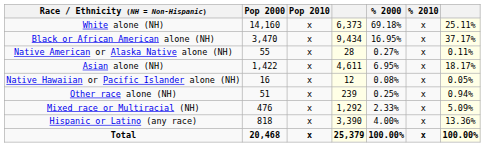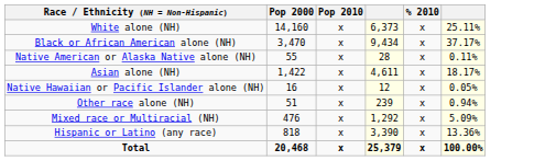 <table class="wikitable" style="text-align:center;">
 <tr>
 <th>Race / Ethnicity <small>(<em>NH = Non-Hispanic</em>)</small></th>
 <th>Pop 2000</th>
 <th>Pop 2010</th>
 <th></th>
-<th>% 2000</th>
 <th>% 2010</th>
 <th></th>
 </tr>
 <tr>
 <td><a href='#'>White</a> alone (NH)</td>
 <td>14,160</td>
 <td>x</td>
 <td style='background: #ffffe6;'>6,373</td>
-<td>69.18%</td>
 <td>x</td>
 <td style='background: #ffffe6;'>25.11%</td>
 </tr>
 <tr>
 <td><a href='#'>Black or African American</a> alone (NH)</td>
 <td>3,470</td>
 <td>x</td>
 <td style='background: #ffffe6;'>9,434</td>
-<td>16.95%</td>
 <td>x</td>
 <td style='background: #ffffe6;'>37.17%</td>
 </tr>
 <tr>
 <td><a href='#'>Native American</a> or <a href='#'>Alaska Native</a> alone (NH)</td>
 <td>55</td>
 <td>x</td>
 <td style='background: #ffffe6;'>28</td>
-<td>0.27%</td>
 <td>x</td>
 <td style='background: #ffffe6;'>0.11%</td>
 </tr>
 <tr>
 <td><a href='#'>Asian</a> alone (NH)</td>
 <td>1,422</td>
 <td>x</td>
 <td style='background: #ffffe6;'>4,611</td>
-<td>6.95%</td>
 <td>x</td>
 <td style='background: #ffffe6;'>18.17%</td>
 </tr>
 <tr>
 <td><a href='#'>Native Hawaiian</a> or <a href='#'>Pacific Islander</a> alone (NH)</td>
 <td>16</td>
 <td>x</td>
 <td style='background: #ffffe6;'>12</td>
-<td>0.08%</td>
 <td>x</td>
 <td style='background: #ffffe6;'>0.05%</td>
 </tr>
 <tr>
 <td><a href='#'>Other race</a> alone (NH)</td>
 <td>51</td>
 <td>x</td>
 <td style='background: #ffffe6;'>239</td>
-<td>0.25%</td>
 <td>x</td>
 <td style='background: #ffffe6;'>0.94%</td>
 </tr>
 <tr>
 <td><a href='#'>Mixed race or Multiracial</a> (NH)</td>
 <td>476</td>
 <td>x</td>
 <td style='background: #ffffe6;'>1,292</td>
-<td>2.33%</td>
 <td>x</td>
 <td style='background: #ffffe6;'>5.09%</td>
 </tr>
 <tr>
 <td><a href='#'>Hispanic or Latino</a> (any race)</td>
 <td>818</td>
 <td>x</td>
 <td style='background: #ffffe6;'>3,390</td>
-<td>4.00%</td>
 <td>x</td>
 <td style='background: #ffffe6;'>13.36%</td>
 </tr>
 <tr>
 <td><strong>Total</strong></td>
 <td><strong>20,468</strong></td>
 <td><strong>x</strong></td>
 <td style='background: #ffffe6;'><strong>25,379</strong></td>
-<td><strong>100.00%</strong></td>
 <td><strong>x</strong></td>
 <td style='background: #ffffe6;'><strong>100.00%</strong></td>
 </tr>
 </table>
